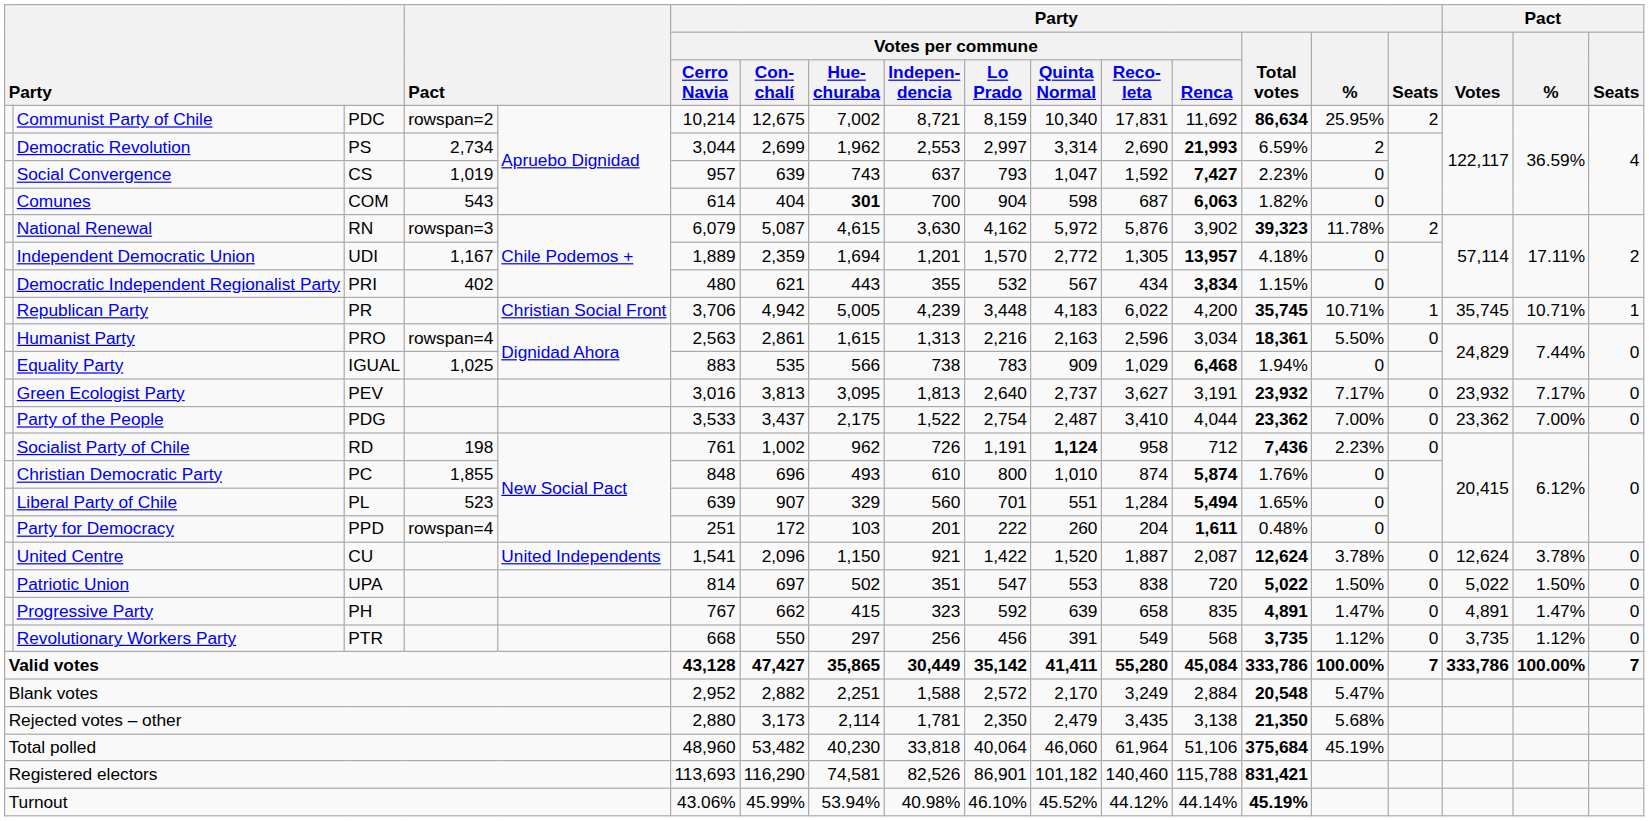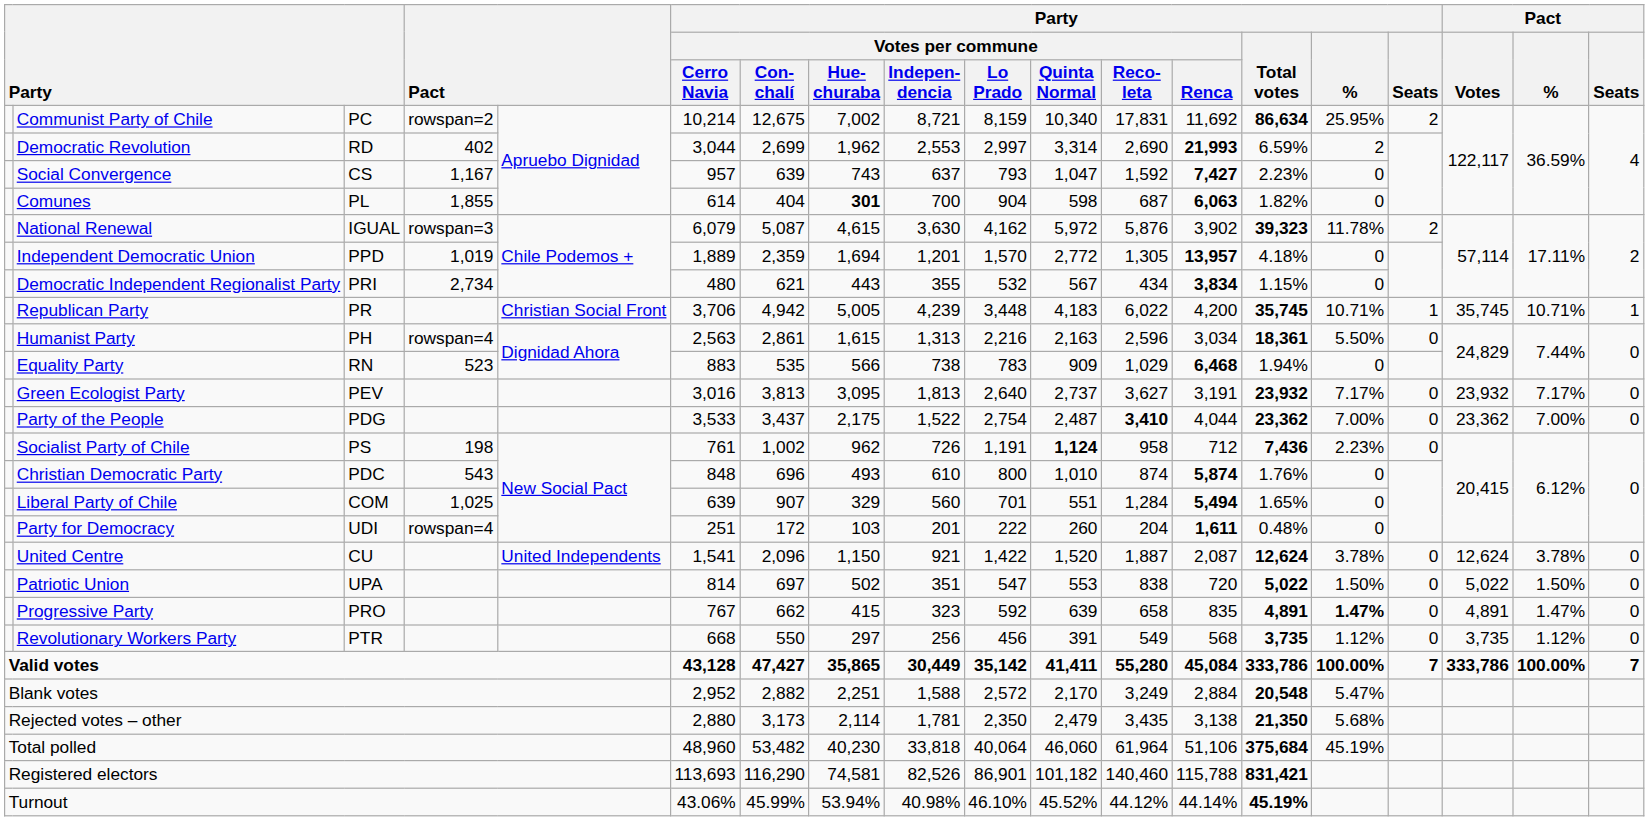 <table class="wikitable" border="1" style="font-size:90%; text-align:right; white-space: nowrap;">
 <tr>
 <th style="text-align:left;" valign=bottom rowspan=3 colspan=3>Party</th>
 <th style="text-align:left;" valign=bottom rowspan=3 colspan=2>Pact</th>
 <th colspan=11>Party</th>
 <th colspan=3>Pact</th>
 </tr>
 <tr>
 <th colspan=8>Votes per commune</th>
 <th align=center valign=bottom rowspan=2 width="40">Total<br>votes</th>
 <th align=center valign=bottom rowspan=2 width="40">%</th>
 <th align=center valign=bottom rowspan=2>Seats</th>
 <th align=center valign=bottom rowspan=2 width="40">Votes</th>
 <th align=center valign=bottom rowspan=2 width="40">%</th>
 <th align=center valign=bottom rowspan=2>Seats</th>
 </tr>
 <tr>
 <th align=center valign=bottom width="40"><a href='#'>Cerro<br>Navia</a></th>
 <th align=center valign=bottom width="40"><a href='#'>Con-<br>chalí</a></th>
 <th align=center valign=bottom width="40"><a href='#'>Hue-<br>churaba</a></th>
 <th align=center valign=bottom width="40"><a href='#'>Indepen-<br>dencia</a></th>
 <th align=center valign=bottom width="40"><a href='#'>Lo<br>Prado</a></th>
 <th align=center valign=bottom width="40"><a href='#'>Quinta<br>Normal</a></th>
 <th align=center valign=bottom width="40"><a href='#'>Reco-<br>leta</a></th>
 <th align=center valign=bottom width="40"><a href='#'>Renca</a></th>
 </tr>
 <tr>
 <td></td>
 <td align=left><a href='#'>Communist Party of Chile</a></td>
-<td align=left>PDC</td>
+<td align=left>PC</td>
 <td>rowspan=2 </td>
 <td rowspan=4 align=left><a href='#'>Apruebo Dignidad</a></td>
 <td>10,214</td>
 <td>12,675</td>
 <td>7,002</td>
 <td>8,721</td>
 <td>8,159</td>
 <td>10,340</td>
 <td>17,831</td>
 <td>11,692</td>
 <td><strong>86,634</strong></td>
 <td>25.95%</td>
 <td>2</td>
 <td rowspan=4>122,117</td>
 <td rowspan=4>36.59%</td>
 <td rowspan=4>4</td>
 </tr>
 <tr>
 <td></td>
 <td align=left><a href='#'>Democratic Revolution</a></td>
-<td align=left>PS</td>
-<td>2,734</td>
+<td align=left>RD</td>
+<td>402</td>
 <td>3,044</td>
 <td>2,699</td>
 <td>1,962</td>
 <td>2,553</td>
 <td>2,997</td>
 <td>3,314</td>
 <td>2,690</td>
 <td><strong>21,993</strong></td>
 <td>6.59%</td>
 <td>2</td>
 </tr>
 <tr>
 <td></td>
 <td align=left><a href='#'>Social Convergence</a></td>
 <td align=left>CS</td>
-<td>1,019</td>
+<td>1,167</td>
 <td>957</td>
 <td>639</td>
 <td>743</td>
 <td>637</td>
 <td>793</td>
 <td>1,047</td>
 <td>1,592</td>
 <td><strong>7,427</strong></td>
 <td>2.23%</td>
 <td>0</td>
 </tr>
 <tr>
 <td></td>
 <td align=left><a href='#'>Comunes</a></td>
-<td align=left>COM</td>
-<td>543</td>
+<td align=left>PL</td>
+<td>1,855</td>
 <td>614</td>
 <td>404</td>
 <td><strong>301</strong></td>
 <td>700</td>
 <td>904</td>
 <td>598</td>
 <td>687</td>
 <td><strong>6,063</strong></td>
 <td>1.82%</td>
 <td>0</td>
 </tr>
 <tr>
 <td></td>
 <td align=left><a href='#'>National Renewal</a></td>
-<td align=left>RN</td>
+<td align=left>IGUAL</td>
 <td>rowspan=3 </td>
 <td rowspan=3 align=left><a href='#'>Chile Podemos +</a></td>
 <td>6,079</td>
 <td>5,087</td>
 <td>4,615</td>
 <td>3,630</td>
 <td>4,162</td>
 <td>5,972</td>
 <td>5,876</td>
 <td>3,902</td>
 <td><strong>39,323</strong></td>
 <td>11.78%</td>
 <td>2</td>
 <td rowspan=3>57,114</td>
 <td rowspan=3>17.11%</td>
 <td rowspan=3>2</td>
 </tr>
 <tr>
 <td></td>
 <td align=left><a href='#'>Independent Democratic Union</a></td>
-<td align=left>UDI</td>
-<td>1,167</td>
+<td align=left>PPD</td>
+<td>1,019</td>
 <td>1,889</td>
 <td>2,359</td>
 <td>1,694</td>
 <td>1,201</td>
 <td>1,570</td>
 <td>2,772</td>
 <td>1,305</td>
 <td><strong>13,957</strong></td>
 <td>4.18%</td>
 <td>0</td>
 </tr>
 <tr>
 <td></td>
 <td align=left><a href='#'>Democratic Independent Regionalist Party</a></td>
 <td align=left>PRI</td>
-<td>402</td>
+<td>2,734</td>
 <td>480</td>
 <td>621</td>
 <td>443</td>
 <td>355</td>
 <td>532</td>
 <td>567</td>
 <td>434</td>
 <td><strong>3,834</strong></td>
 <td>1.15%</td>
 <td>0</td>
 </tr>
 <tr>
 <td></td>
 <td align=left><a href='#'>Republican Party</a></td>
 <td align=left>PR</td>
 <td></td>
 <td align=left><a href='#'>Christian Social Front</a></td>
 <td>3,706</td>
 <td>4,942</td>
 <td>5,005</td>
 <td>4,239</td>
 <td>3,448</td>
 <td>4,183</td>
 <td>6,022</td>
 <td>4,200</td>
 <td><strong>35,745</strong></td>
 <td>10.71%</td>
 <td>1</td>
 <td>35,745</td>
 <td>10.71%</td>
 <td>1</td>
 </tr>
 <tr>
 <td></td>
 <td align=left><a href='#'>Humanist Party</a></td>
-<td align=left>PRO</td>
+<td align=left>PH</td>
 <td>rowspan=4 </td>
 <td rowspan=2 align=left><a href='#'>Dignidad Ahora</a></td>
 <td>2,563</td>
 <td>2,861</td>
 <td>1,615</td>
 <td>1,313</td>
 <td>2,216</td>
 <td>2,163</td>
 <td>2,596</td>
 <td>3,034</td>
 <td><strong>18,361</strong></td>
 <td>5.50%</td>
 <td>0</td>
 <td rowspan=2>24,829</td>
 <td rowspan=2>7.44%</td>
 <td rowspan=2>0</td>
 </tr>
 <tr>
 <td></td>
 <td align=left><a href='#'>Equality Party</a></td>
-<td align=left>IGUAL</td>
-<td>1,025</td>
+<td align=left>RN</td>
+<td>523</td>
 <td>883</td>
 <td>535</td>
 <td>566</td>
 <td>738</td>
 <td>783</td>
 <td>909</td>
 <td>1,029</td>
 <td><strong>6,468</strong></td>
 <td>1.94%</td>
 <td>0</td>
 </tr>
 <tr>
 <td></td>
 <td align=left><a href='#'>Green Ecologist Party</a></td>
 <td align=left>PEV</td>
 <td></td>
 <td></td>
 <td>3,016</td>
 <td>3,813</td>
 <td>3,095</td>
 <td>1,813</td>
 <td>2,640</td>
 <td>2,737</td>
 <td>3,627</td>
 <td>3,191</td>
 <td><strong>23,932</strong></td>
 <td>7.17%</td>
 <td>0</td>
 <td>23,932</td>
 <td>7.17%</td>
 <td>0</td>
 </tr>
 <tr>
 <td></td>
 <td align=left><a href='#'>Party of the People</a></td>
 <td align=left>PDG</td>
 <td></td>
 <td></td>
 <td>3,533</td>
 <td>3,437</td>
 <td>2,175</td>
 <td>1,522</td>
 <td>2,754</td>
 <td>2,487</td>
-<td>3,410</td>
+<td><strong>3,410</strong></td>
 <td>4,044</td>
 <td><strong>23,362</strong></td>
 <td>7.00%</td>
 <td>0</td>
 <td>23,362</td>
 <td>7.00%</td>
 <td>0</td>
 </tr>
 <tr>
 <td></td>
 <td align=left><a href='#'>Socialist Party of Chile</a></td>
-<td align=left>RD</td>
+<td align=left>PS</td>
 <td>198</td>
 <td rowspan=4 align=left><a href='#'>New Social Pact</a></td>
 <td>761</td>
 <td>1,002</td>
 <td>962</td>
 <td>726</td>
 <td>1,191</td>
 <td><strong>1,124</strong></td>
 <td>958</td>
 <td>712</td>
 <td><strong>7,436</strong></td>
 <td>2.23%</td>
 <td>0</td>
 <td rowspan=4>20,415</td>
 <td rowspan=4>6.12%</td>
 <td rowspan=4>0</td>
 </tr>
 <tr>
 <td></td>
 <td align=left><a href='#'>Christian Democratic Party</a></td>
-<td align=left>PC</td>
-<td>1,855</td>
+<td align=left>PDC</td>
+<td>543</td>
 <td>848</td>
 <td>696</td>
 <td>493</td>
 <td>610</td>
 <td>800</td>
 <td>1,010</td>
 <td>874</td>
 <td><strong>5,874</strong></td>
 <td>1.76%</td>
 <td>0</td>
 </tr>
 <tr>
 <td></td>
 <td align=left><a href='#'>Liberal Party of Chile</a></td>
-<td align=left>PL</td>
-<td>523</td>
+<td align=left>COM</td>
+<td>1,025</td>
 <td>639</td>
 <td>907</td>
 <td>329</td>
 <td>560</td>
 <td>701</td>
 <td>551</td>
 <td>1,284</td>
 <td><strong>5,494</strong></td>
 <td>1.65%</td>
 <td>0</td>
 </tr>
 <tr>
 <td></td>
 <td align=left><a href='#'>Party for Democracy</a></td>
-<td align=left>PPD</td>
+<td align=left>UDI</td>
 <td>rowspan=4 </td>
 <td>251</td>
 <td>172</td>
 <td>103</td>
 <td>201</td>
 <td>222</td>
 <td>260</td>
 <td>204</td>
 <td><strong>1,611</strong></td>
 <td>0.48%</td>
 <td>0</td>
 </tr>
 <tr>
 <td></td>
 <td align=left><a href='#'>United Centre</a></td>
 <td align=left>CU</td>
 <td></td>
 <td align=left><a href='#'>United Independents</a></td>
 <td>1,541</td>
 <td>2,096</td>
 <td>1,150</td>
 <td>921</td>
 <td>1,422</td>
 <td>1,520</td>
 <td>1,887</td>
 <td>2,087</td>
 <td><strong>12,624</strong></td>
 <td>3.78%</td>
 <td>0</td>
 <td>12,624</td>
 <td>3.78%</td>
 <td>0</td>
 </tr>
 <tr>
 <td></td>
 <td align=left><a href='#'>Patriotic Union</a></td>
 <td align=left>UPA</td>
 <td></td>
 <td></td>
 <td>814</td>
 <td>697</td>
 <td>502</td>
 <td>351</td>
 <td>547</td>
 <td>553</td>
 <td>838</td>
 <td>720</td>
 <td><strong>5,022</strong></td>
 <td>1.50%</td>
 <td>0</td>
 <td>5,022</td>
 <td>1.50%</td>
 <td>0</td>
 </tr>
 <tr>
 <td></td>
 <td align=left><a href='#'>Progressive Party</a></td>
-<td align=left>PH</td>
+<td align=left>PRO</td>
 <td></td>
 <td></td>
 <td>767</td>
 <td>662</td>
 <td>415</td>
 <td>323</td>
 <td>592</td>
 <td>639</td>
 <td>658</td>
 <td>835</td>
 <td><strong>4,891</strong></td>
-<td>1.47%</td>
+<td><strong>1.47%</strong></td>
 <td>0</td>
 <td>4,891</td>
 <td>1.47%</td>
 <td>0</td>
 </tr>
 <tr>
 <td></td>
 <td align=left><a href='#'>Revolutionary Workers Party</a></td>
 <td align=left>PTR</td>
 <td></td>
 <td></td>
 <td>668</td>
 <td>550</td>
 <td>297</td>
 <td>256</td>
 <td>456</td>
 <td>391</td>
 <td>549</td>
 <td>568</td>
 <td><strong>3,735</strong></td>
 <td>1.12%</td>
 <td>0</td>
 <td>3,735</td>
 <td>1.12%</td>
 <td>0</td>
 </tr>
 <tr style="font-weight:bold">
 <td align=left colspan=5>Valid votes</td>
 <td>43,128</td>
 <td>47,427</td>
 <td>35,865</td>
 <td>30,449</td>
 <td>35,142</td>
 <td>41,411</td>
 <td>55,280</td>
 <td>45,084</td>
 <td>333,786</td>
 <td>100.00%</td>
 <td>7</td>
 <td>333,786</td>
 <td>100.00%</td>
 <td>7</td>
 </tr>
 <tr>
 <td align=left colspan=5>Blank votes</td>
 <td>2,952</td>
 <td>2,882</td>
 <td>2,251</td>
 <td>1,588</td>
 <td>2,572</td>
 <td>2,170</td>
 <td>3,249</td>
 <td>2,884</td>
 <td><strong>20,548</strong></td>
 <td>5.47%</td>
 <td></td>
 <td></td>
 <td></td>
 <td></td>
 </tr>
 <tr>
 <td align=left colspan=5>Rejected votes – other</td>
 <td>2,880</td>
 <td>3,173</td>
 <td>2,114</td>
 <td>1,781</td>
 <td>2,350</td>
 <td>2,479</td>
 <td>3,435</td>
 <td>3,138</td>
 <td><strong>21,350</strong></td>
 <td>5.68%</td>
 <td></td>
 <td></td>
 <td></td>
 <td></td>
 </tr>
 <tr>
 <td align=left colspan=5>Total polled</td>
 <td>48,960</td>
 <td>53,482</td>
 <td>40,230</td>
 <td>33,818</td>
 <td>40,064</td>
 <td>46,060</td>
 <td>61,964</td>
 <td>51,106</td>
 <td><strong>375,684</strong></td>
 <td>45.19%</td>
 <td></td>
 <td></td>
 <td></td>
 <td></td>
 </tr>
 <tr>
 <td align=left colspan=5>Registered electors</td>
 <td>113,693</td>
 <td>116,290</td>
 <td>74,581</td>
 <td>82,526</td>
 <td>86,901</td>
 <td>101,182</td>
 <td>140,460</td>
 <td>115,788</td>
 <td><strong>831,421</strong></td>
 <td></td>
 <td></td>
 <td></td>
 <td></td>
 <td></td>
 </tr>
 <tr>
 <td align=left colspan=5>Turnout</td>
 <td>43.06%</td>
 <td>45.99%</td>
 <td>53.94%</td>
 <td>40.98%</td>
 <td>46.10%</td>
 <td>45.52%</td>
 <td>44.12%</td>
 <td>44.14%</td>
 <td><strong>45.19%</strong></td>
 <td></td>
 <td></td>
 <td></td>
 <td></td>
 <td></td>
 </tr>
 </table>
